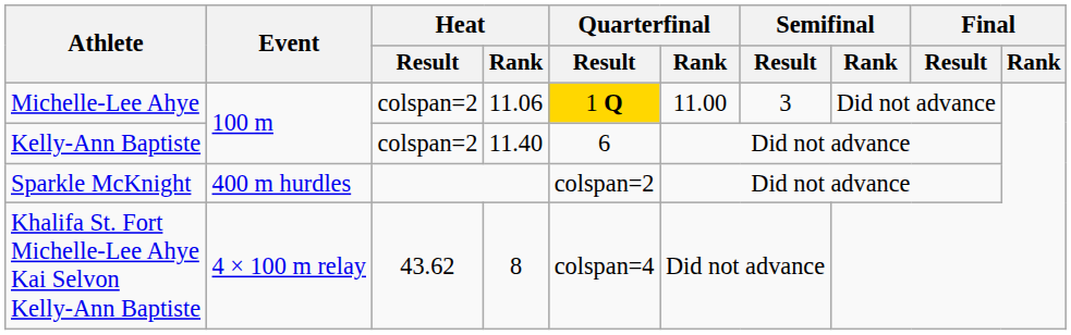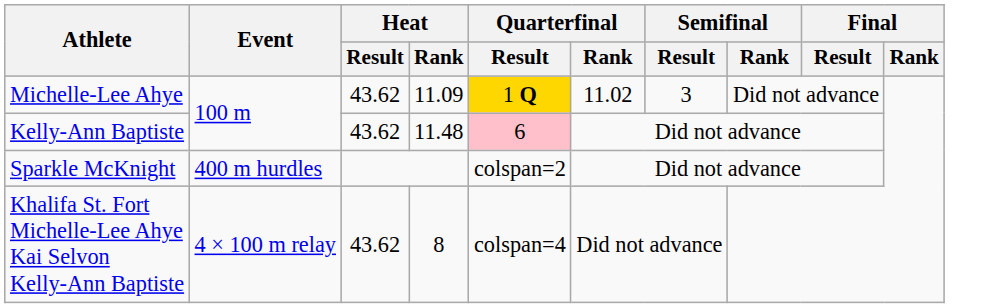 <table class="wikitable" style="font-size:90%">
 <tr>
 <th rowspan="2">Athlete</th>
 <th rowspan="2">Event</th>
 <th colspan="2">Heat</th>
 <th colspan="2">Quarterfinal</th>
 <th colspan="2">Semifinal</th>
 <th colspan="2">Final</th>
 </tr>
 <tr style="font-size:95%">
 <th>Result</th>
 <th>Rank</th>
 <th>Result</th>
 <th>Rank</th>
 <th>Result</th>
 <th>Rank</th>
 <th>Result</th>
 <th>Rank</th>
 </tr>
 <tr align=center>
 <td align=left><a href='#'>Michelle-Lee Ahye</a></td>
 <td align=left rowspan=2><a href='#'>100 m</a></td>
-<td>colspan=2 </td>
-<td>11.06</td>
+<td>43.62</td>
+<td>11.09</td>
 <td style="background: gold;">1 <strong>Q</strong></td>
-<td>11.00</td>
+<td>11.02</td>
 <td>3</td>
 <td colspan="2">Did not advance</td>
 </tr>
 <tr align=center>
 <td align=left><a href='#'>Kelly-Ann Baptiste</a></td>
-<td>colspan=2 </td>
-<td>11.40</td>
-<td>6</td>
+<td>43.62</td>
+<td>11.48</td>
+<td style="background: pink;">6</td>
 <td colspan="4">Did not advance</td>
 </tr>
 <tr align=center>
 <td align=left><a href='#'>Sparkle McKnight</a></td>
 <td align=left><a href='#'>400 m hurdles</a></td>
 <td colspan="2"></td>
 <td>colspan=2 </td>
 <td colspan="4">Did not advance</td>
 </tr>
 <tr align=center>
 <td align=left><a href='#'>Khalifa St. Fort</a><br><a href='#'>Michelle-Lee Ahye</a><br><a href='#'>Kai Selvon</a><br><a href='#'>Kelly-Ann Baptiste</a></td>
 <td align=left><a href='#'>4 × 100 m relay</a></td>
 <td>43.62</td>
 <td>8</td>
 <td>colspan=4 </td>
 <td colspan=2>Did not advance</td>
 </tr>
 </table>
